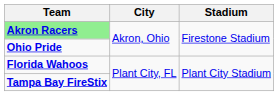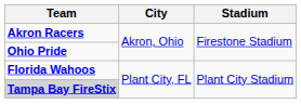 <table class="wikitable">
 <tr>
 <th>Team</th>
 <th>City</th>
 <th>Stadium</th>
 </tr>
 <tr>
-<td style="background: lightgreen;"><strong><a href='#'>Akron Racers</a></strong></td>
+<td><strong><a href='#'>Akron Racers</a></strong></td>
 <td rowspan=2><a href='#'>Akron, Ohio</a></td>
 <td rowspan=2><a href='#'>Firestone Stadium</a></td>
 </tr>
 <tr>
 <td><strong><a href='#'>Ohio Pride</a></strong></td>
 </tr>
 <tr>
 <td><strong><a href='#'>Florida Wahoos</a></strong></td>
 <td rowspan=2><a href='#'>Plant City, FL</a></td>
 <td rowspan=2><a href='#'>Plant City Stadium</a></td>
 </tr>
 <tr>
-<td><strong><a href='#'>Tampa Bay FireStix</a></strong></td>
+<td style="background: lightgrey;"><strong><a href='#'>Tampa Bay FireStix</a></strong></td>
 </tr>
 </table>
